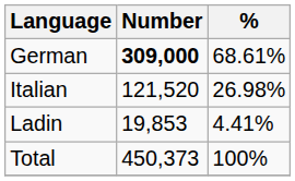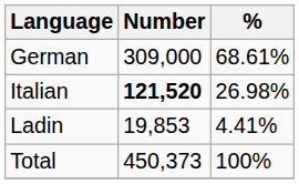 <table class="wikitable" align="center">
 <tr>
 <th>Language</th>
 <th>Number</th>
 <th>%</th>
 </tr>
 <tr>
 <td>German</td>
-<td><strong>309,000</strong></td>
+<td>309,000</td>
 <td>68.61%</td>
 </tr>
 <tr>
 <td>Italian</td>
-<td>121,520</td>
+<td><strong>121,520</strong></td>
 <td>26.98%</td>
 </tr>
 <tr>
 <td>Ladin</td>
 <td>19,853</td>
 <td>4.41%</td>
 </tr>
 <tr>
 <td>Total</td>
 <td>450,373</td>
 <td>100%</td>
 </tr>
 <tr>
 </tr>
 </table>
